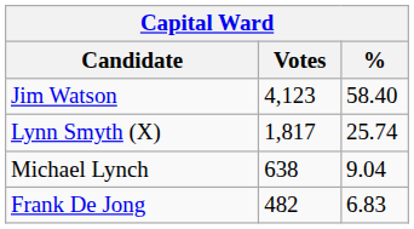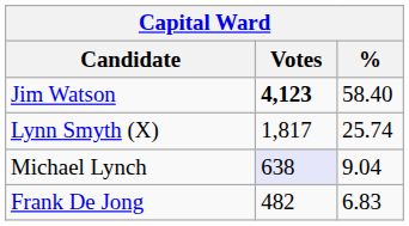 <table class="wikitable">
 <tr>
 <th colspan="3"><a href='#'>Capital Ward</a></th>
 </tr>
 <tr>
 <th style="width: 170px">Candidate</th>
 <th style="width: 50px">Votes</th>
 <th style="width: 40px">%</th>
 </tr>
 <tr>
 <td><a href='#'>Jim Watson</a></td>
-<td>4,123</td>
+<td><strong>4,123</strong></td>
 <td>58.40</td>
 </tr>
 <tr>
 <td><a href='#'>Lynn Smyth</a> (X)</td>
 <td>1,817</td>
 <td>25.74</td>
 </tr>
 <tr>
 <td>Michael Lynch</td>
-<td>638</td>
+<td style="background: lavender;">638</td>
 <td>9.04</td>
 </tr>
 <tr>
 <td><a href='#'>Frank De Jong</a></td>
 <td>482</td>
 <td>6.83</td>
 </tr>
 </table>
